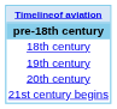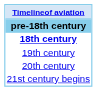 <table cellspacing=0 cellpadding=2 align=right style="border:solid 2px #87CEEB;margin-left:1em;margin-bottom:1em;">
 <tr>
 <th style="background:#d6e6f6;border-bottom:solid 2px #87CEEB;"><a href='#'><small>Timelineof aviation</small></a></th>
 </tr>
 <tr>
 <td align=center style="background:#87CEEB"><strong>pre-18th century</strong></td>
 </tr>
 <tr>
-<td align=center><a href='#'>18th century</a></td>
+<td align=center><strong><a href='#'>18th century</a></strong></td>
 </tr>
 <tr>
 <td align=center><a href='#'>19th century</a></td>
 </tr>
 <tr>
 <td align=center><a href='#'>20th century</a></td>
 </tr>
 <tr>
 <td align=center><a href='#'>21st century begins</a></td>
 </tr>
 </table>
